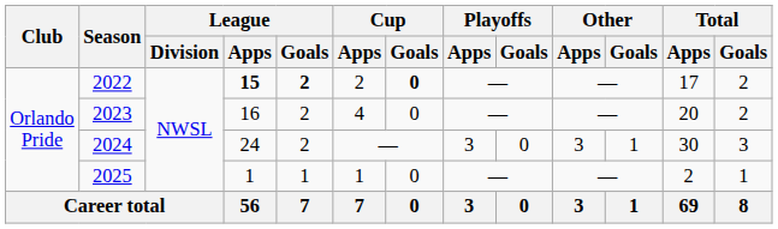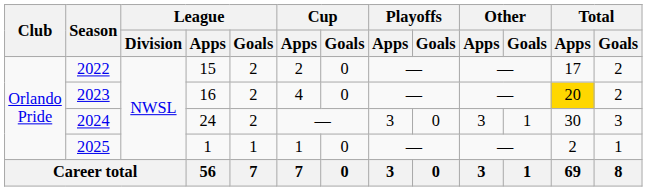 <table class="wikitable" style="text-align: center;">
 <tr>
 <th rowspan="2">Club</th>
 <th rowspan="2">Season</th>
 <th colspan="3">League</th>
 <th colspan="2">Cup</th>
 <th colspan="2">Playoffs</th>
 <th colspan="2">Other</th>
 <th colspan="2">Total</th>
 </tr>
 <tr>
 <th>Division</th>
 <th>Apps</th>
 <th>Goals</th>
 <th>Apps</th>
 <th>Goals</th>
 <th>Apps</th>
 <th>Goals</th>
 <th>Apps</th>
 <th>Goals</th>
 <th>Apps</th>
 <th>Goals</th>
 </tr>
 <tr>
 <td rowspan="4"><a href='#'>Orlando Pride</a></td>
 <td><a href='#'>2022</a></td>
 <td rowspan="4"><a href='#'>NWSL</a></td>
-<td><strong>15</strong></td>
-<td><strong>2</strong></td>
+<td>15</td>
 <td>2</td>
-<td><strong>0</strong></td>
+<td>2</td>
+<td>0</td>
 <td colspan="2">—</td>
 <td colspan="2">—</td>
 <td>17</td>
 <td>2</td>
 </tr>
 <tr>
 <td><a href='#'>2023</a></td>
 <td>16</td>
 <td>2</td>
 <td>4</td>
 <td>0</td>
 <td colspan="2">—</td>
 <td colspan="2">—</td>
-<td>20</td>
+<td style="background: gold;">20</td>
 <td>2</td>
 </tr>
 <tr>
 <td><a href='#'>2024</a></td>
 <td>24</td>
 <td>2</td>
 <td colspan="2">—</td>
 <td>3</td>
 <td>0</td>
 <td>3</td>
 <td>1</td>
 <td>30</td>
 <td>3</td>
 </tr>
 <tr>
 <td><a href='#'>2025</a></td>
 <td>1</td>
 <td>1</td>
 <td>1</td>
 <td>0</td>
 <td colspan="2">—</td>
 <td colspan="2">—</td>
 <td>2</td>
 <td>1</td>
 </tr>
 <tr>
 <th colspan="3">Career total</th>
 <th>56</th>
 <th>7</th>
 <th>7</th>
 <th>0</th>
 <th>3</th>
 <th>0</th>
 <th>3</th>
 <th>1</th>
 <th>69</th>
 <th>8</th>
 </tr>
 </table>
